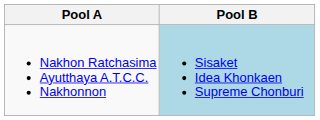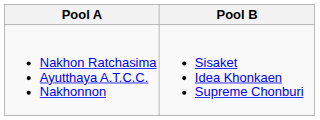 <table class="wikitable">
 <tr>
 <th width=50%>Pool A</th>
 <th width=50%>Pool B</th>
 </tr>
 <tr>
 <td><br><ul><li><a href='#'>Nakhon Ratchasima</a></li><li><a href='#'>Ayutthaya A.T.C.C.</a></li><li><a href='#'>Nakhonnon</a></li></ul></td>
-<td style="background: lightblue;"><br><ul><li><a href='#'>Sisaket</a></li><li><a href='#'>Idea Khonkaen</a></li><li><a href='#'>Supreme Chonburi</a></li></ul></td>
+<td><br><ul><li><a href='#'>Sisaket</a></li><li><a href='#'>Idea Khonkaen</a></li><li><a href='#'>Supreme Chonburi</a></li></ul></td>
 </tr>
 </table>
